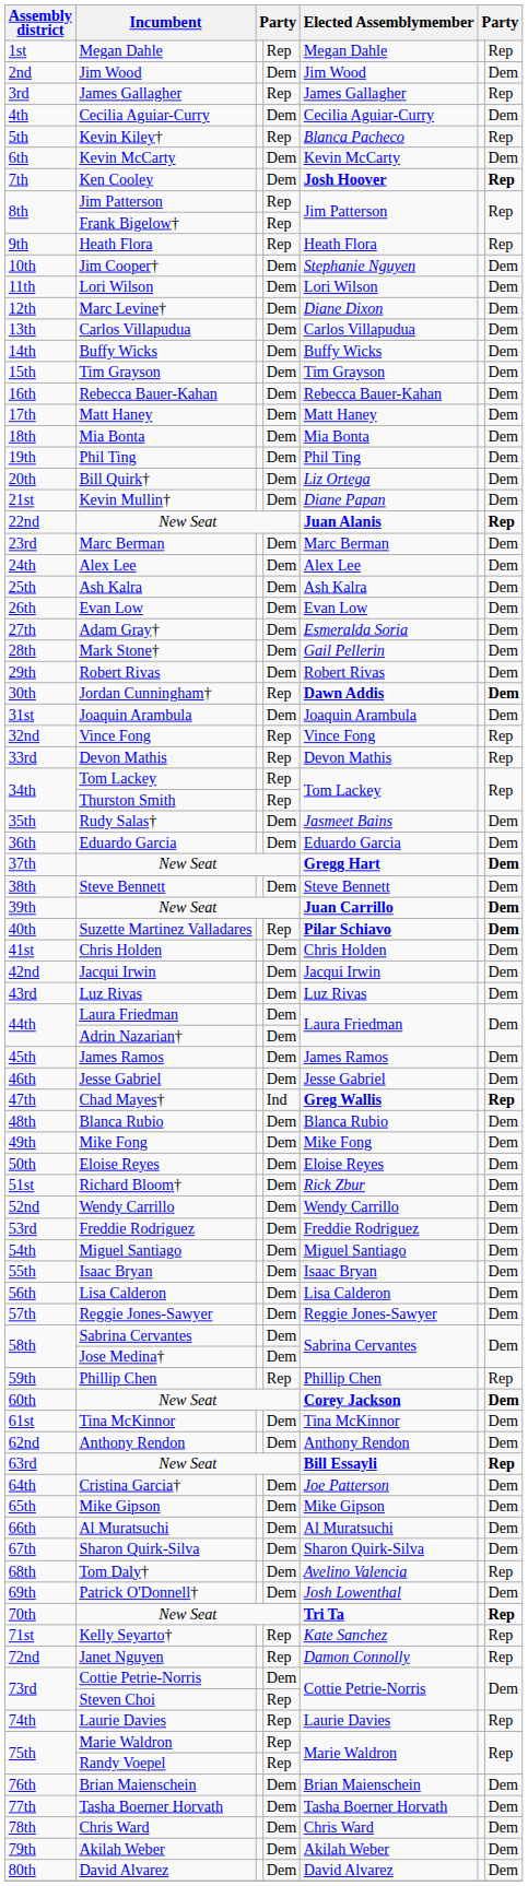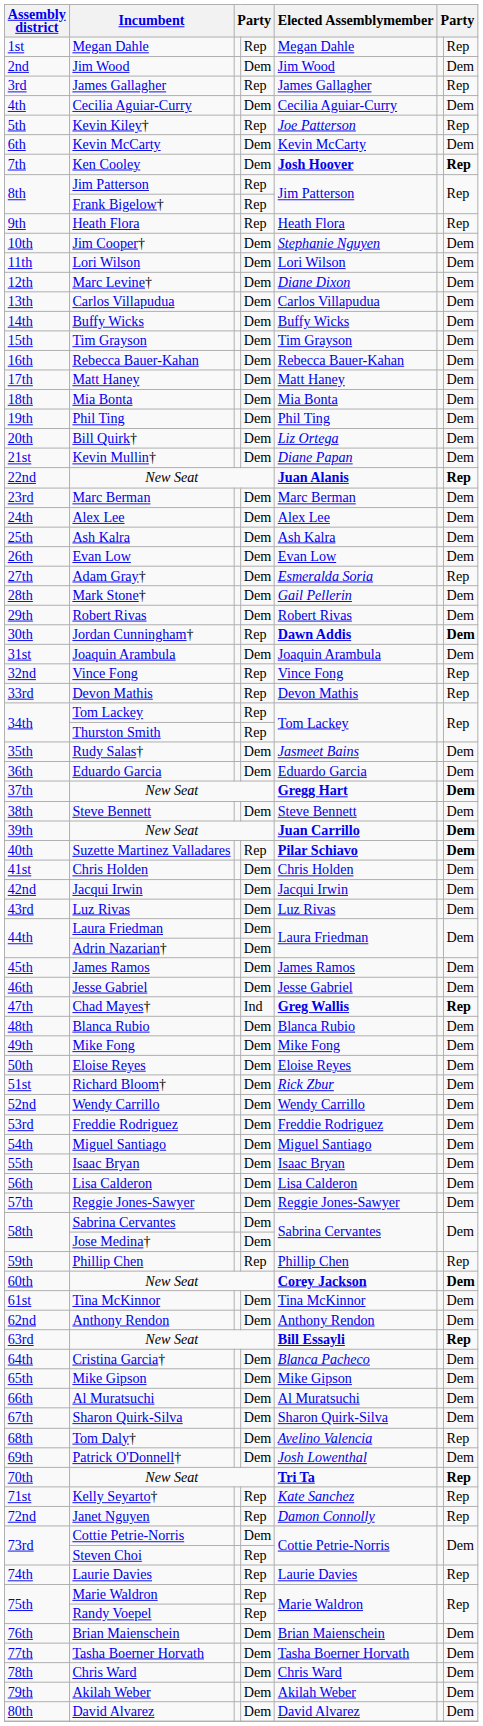 <table class="sortable wikitable" style="font-size:95%;line-height:14px;">
 <tr>
 <th colspan="1"><a href='#'>Assembly<br>district</a></th>
 <th class="unsortable"><a href='#'>Incumbent</a></th>
 <th colspan="2">Party</th>
 <th class="unsortable">Elected Assemblymember</th>
 <th colspan="2">Party</th>
 </tr>
 <tr>
 <td><a href='#'>1st</a></td>
 <td><a href='#'>Megan Dahle</a></td>
 <td style="background:"></td>
 <td>Rep</td>
 <td><a href='#'>Megan Dahle</a></td>
 <td style="background:"></td>
 <td>Rep</td>
 </tr>
 <tr>
 <td><a href='#'>2nd</a></td>
 <td><a href='#'>Jim Wood</a></td>
 <td style="background:"></td>
 <td>Dem</td>
 <td><a href='#'>Jim Wood</a></td>
 <td style="background:"></td>
 <td>Dem</td>
 </tr>
 <tr>
 <td><a href='#'>3rd</a></td>
 <td><a href='#'>James Gallagher</a></td>
 <td style="background:"></td>
 <td>Rep</td>
 <td><a href='#'>James Gallagher</a></td>
 <td style="background:"></td>
 <td>Rep</td>
 </tr>
 <tr>
 <td><a href='#'>4th</a></td>
 <td><a href='#'>Cecilia Aguiar-Curry</a></td>
 <td style="background:"></td>
 <td>Dem</td>
 <td><a href='#'>Cecilia Aguiar-Curry</a></td>
 <td style="background:"></td>
 <td>Dem</td>
 </tr>
 <tr>
 <td><a href='#'>5th</a></td>
 <td><a href='#'>Kevin Kiley</a>†</td>
 <td style="background:"></td>
 <td>Rep</td>
-<td><em><a href='#'>Blanca Pacheco</a></em></td>
+<td><em><a href='#'>Joe Patterson</a></em></td>
 <td style="background:"></td>
 <td>Rep</td>
 </tr>
 <tr>
 <td><a href='#'>6th</a></td>
 <td><a href='#'>Kevin McCarty</a></td>
 <td style="background:"></td>
 <td>Dem</td>
 <td><a href='#'>Kevin McCarty</a></td>
 <td style="background:"></td>
 <td>Dem</td>
 </tr>
 <tr>
 <td><a href='#'>7th</a></td>
 <td><a href='#'>Ken Cooley</a></td>
 <td style="background:"></td>
 <td>Dem</td>
 <td><strong><a href='#'>Josh Hoover</a></strong></td>
 <td style="background:"></td>
 <td><strong>Rep</strong></td>
 </tr>
 <tr>
 <td rowspan=2><a href='#'>8th</a></td>
 <td><a href='#'>Jim Patterson</a></td>
 <td style="background:"></td>
 <td>Rep</td>
 <td rowspan=2><a href='#'>Jim Patterson</a></td>
 <td rowspan=2 style="background:"></td>
 <td rowspan=2>Rep</td>
 </tr>
 <tr>
 <td><a href='#'>Frank Bigelow</a>†</td>
 <td style="background:"></td>
 <td>Rep</td>
 </tr>
 <tr>
 <td><a href='#'>9th</a></td>
 <td><a href='#'>Heath Flora</a></td>
 <td style="background:"></td>
 <td>Rep</td>
 <td><a href='#'>Heath Flora</a></td>
 <td style="background:"></td>
 <td>Rep</td>
 </tr>
 <tr>
 <td><a href='#'>10th</a></td>
 <td><a href='#'>Jim Cooper</a>†</td>
 <td style="background:"></td>
 <td>Dem</td>
 <td><em><a href='#'>Stephanie Nguyen</a></em></td>
 <td style="background:"></td>
 <td>Dem</td>
 </tr>
 <tr>
 <td><a href='#'>11th</a></td>
 <td><a href='#'>Lori Wilson</a></td>
 <td style="background:"></td>
 <td>Dem</td>
 <td><a href='#'>Lori Wilson</a></td>
 <td style="background:"></td>
 <td>Dem</td>
 </tr>
 <tr>
 <td><a href='#'>12th</a></td>
 <td><a href='#'>Marc Levine</a>†</td>
 <td style="background:"></td>
 <td>Dem</td>
 <td><em><a href='#'>Diane Dixon</a></em></td>
 <td style="background:"></td>
 <td>Dem</td>
 </tr>
 <tr>
 <td><a href='#'>13th</a></td>
 <td><a href='#'>Carlos Villapudua</a></td>
 <td style="background:"></td>
 <td>Dem</td>
 <td><a href='#'>Carlos Villapudua</a></td>
 <td style="background:"></td>
 <td>Dem</td>
 </tr>
 <tr>
 <td><a href='#'>14th</a></td>
 <td><a href='#'>Buffy Wicks</a></td>
 <td style="background:"></td>
 <td>Dem</td>
 <td><a href='#'>Buffy Wicks</a></td>
 <td style="background:"></td>
 <td>Dem</td>
 </tr>
 <tr>
 <td><a href='#'>15th</a></td>
 <td><a href='#'>Tim Grayson</a></td>
 <td style="background:"></td>
 <td>Dem</td>
 <td><a href='#'>Tim Grayson</a></td>
 <td style="background:"></td>
 <td>Dem</td>
 </tr>
 <tr>
 <td><a href='#'>16th</a></td>
 <td><a href='#'>Rebecca Bauer-Kahan</a></td>
 <td style="background:"></td>
 <td>Dem</td>
 <td><a href='#'>Rebecca Bauer-Kahan</a></td>
 <td style="background:"></td>
 <td>Dem</td>
 </tr>
 <tr>
 <td><a href='#'>17th</a></td>
 <td><a href='#'>Matt Haney</a></td>
 <td style="background:"></td>
 <td>Dem</td>
 <td><a href='#'>Matt Haney</a></td>
 <td style="background:"></td>
 <td>Dem</td>
 </tr>
 <tr>
 <td><a href='#'>18th</a></td>
 <td><a href='#'>Mia Bonta</a></td>
 <td style="background:"></td>
 <td>Dem</td>
 <td><a href='#'>Mia Bonta</a></td>
 <td style="background:"></td>
 <td>Dem</td>
 </tr>
 <tr>
 <td><a href='#'>19th</a></td>
 <td><a href='#'>Phil Ting</a></td>
 <td style="background:"></td>
 <td>Dem</td>
 <td><a href='#'>Phil Ting</a></td>
 <td style="background:"></td>
 <td>Dem</td>
 </tr>
 <tr>
 <td><a href='#'>20th</a></td>
 <td><a href='#'>Bill Quirk</a>†</td>
 <td style="background:"></td>
 <td>Dem</td>
 <td><em><a href='#'>Liz Ortega</a></em></td>
 <td style="background:"></td>
 <td>Dem</td>
 </tr>
 <tr>
 <td><a href='#'>21st</a></td>
 <td><a href='#'>Kevin Mullin</a>†</td>
 <td style="background:"></td>
 <td>Dem</td>
 <td><em><a href='#'>Diane Papan</a></em></td>
 <td style="background:"></td>
 <td>Dem</td>
 </tr>
 <tr>
 <td><a href='#'>22nd</a></td>
 <td colspan=3 align=center><em>New Seat</em></td>
 <td><strong><a href='#'>Juan Alanis</a></strong></td>
 <td style="background:"></td>
 <td><strong>Rep</strong></td>
 </tr>
 <tr>
 <td><a href='#'>23rd</a></td>
 <td><a href='#'>Marc Berman</a></td>
 <td style="background:"></td>
 <td>Dem</td>
 <td><a href='#'>Marc Berman</a></td>
 <td style="background:"></td>
 <td>Dem</td>
 </tr>
 <tr>
 <td><a href='#'>24th</a></td>
 <td><a href='#'>Alex Lee</a></td>
 <td style="background:"></td>
 <td>Dem</td>
 <td><a href='#'>Alex Lee</a></td>
 <td style="background:"></td>
 <td>Dem</td>
 </tr>
 <tr>
 <td><a href='#'>25th</a></td>
 <td><a href='#'>Ash Kalra</a></td>
 <td style="background:"></td>
 <td>Dem</td>
 <td><a href='#'>Ash Kalra</a></td>
 <td style="background:"></td>
 <td>Dem</td>
 </tr>
 <tr>
 <td><a href='#'>26th</a></td>
 <td><a href='#'>Evan Low</a></td>
 <td style="background:"></td>
 <td>Dem</td>
 <td><a href='#'>Evan Low</a></td>
 <td style="background:"></td>
 <td>Dem</td>
 </tr>
 <tr>
 <td><a href='#'>27th</a></td>
 <td><a href='#'>Adam Gray</a>†</td>
 <td style="background:"></td>
 <td>Dem</td>
 <td><em><a href='#'>Esmeralda Soria</a></em></td>
 <td style="background:"></td>
-<td>Dem</td>
+<td>Rep</td>
 </tr>
 <tr>
 <td><a href='#'>28th</a></td>
 <td><a href='#'>Mark Stone</a>†</td>
 <td style="background:"></td>
 <td>Dem</td>
 <td><em><a href='#'>Gail Pellerin</a></em></td>
 <td style="background:"></td>
 <td>Dem</td>
 </tr>
 <tr>
 <td><a href='#'>29th</a></td>
 <td><a href='#'>Robert Rivas</a></td>
 <td style="background:"></td>
 <td>Dem</td>
 <td><a href='#'>Robert Rivas</a></td>
 <td style="background:"></td>
 <td>Dem</td>
 </tr>
 <tr>
 <td><a href='#'>30th</a></td>
 <td><a href='#'>Jordan Cunningham</a>†</td>
 <td style="background:"></td>
 <td>Rep</td>
 <td><strong><a href='#'>Dawn Addis</a></strong></td>
 <td style="background:"></td>
 <td><strong>Dem</strong></td>
 </tr>
 <tr>
 <td><a href='#'>31st</a></td>
 <td><a href='#'>Joaquin Arambula</a></td>
 <td style="background:"></td>
 <td>Dem</td>
 <td><a href='#'>Joaquin Arambula</a></td>
 <td style="background:"></td>
 <td>Dem</td>
 </tr>
 <tr>
 <td><a href='#'>32nd</a></td>
 <td><a href='#'>Vince Fong</a></td>
 <td style="background:"></td>
 <td>Rep</td>
 <td><a href='#'>Vince Fong</a></td>
 <td style="background:"></td>
 <td>Rep</td>
 </tr>
 <tr>
 <td><a href='#'>33rd</a></td>
 <td><a href='#'>Devon Mathis</a></td>
 <td style="background:"></td>
 <td>Rep</td>
 <td><a href='#'>Devon Mathis</a></td>
 <td style="background:"></td>
 <td>Rep</td>
 </tr>
 <tr>
 <td rowspan=2><a href='#'>34th</a></td>
 <td><a href='#'>Tom Lackey</a></td>
 <td style="background:"></td>
 <td>Rep</td>
 <td rowspan=2><a href='#'>Tom Lackey</a></td>
 <td rowspan=2 style="background:"></td>
 <td rowspan=2>Rep</td>
 </tr>
 <tr>
 <td><a href='#'>Thurston Smith</a></td>
 <td style="background:"></td>
 <td>Rep</td>
 </tr>
 <tr>
 <td><a href='#'>35th</a></td>
 <td><a href='#'>Rudy Salas</a>†</td>
 <td style="background:"></td>
 <td>Dem</td>
 <td><em><a href='#'>Jasmeet Bains</a></em></td>
 <td style="background:"></td>
 <td>Dem</td>
 </tr>
 <tr>
 <td><a href='#'>36th</a></td>
 <td><a href='#'>Eduardo Garcia</a></td>
 <td style="background:"></td>
 <td>Dem</td>
 <td><a href='#'>Eduardo Garcia</a></td>
 <td style="background:"></td>
 <td>Dem</td>
 </tr>
 <tr>
 <td><a href='#'>37th</a></td>
 <td colspan=3 align=center><em>New Seat</em></td>
 <td><strong><a href='#'>Gregg Hart</a></strong></td>
 <td style="background:"></td>
 <td><strong>Dem</strong></td>
 </tr>
 <tr>
 <td><a href='#'>38th</a></td>
 <td><a href='#'>Steve Bennett</a></td>
 <td style="background:"></td>
 <td>Dem</td>
 <td><a href='#'>Steve Bennett</a></td>
 <td style="background:"></td>
 <td>Dem</td>
 </tr>
 <tr>
 <td><a href='#'>39th</a></td>
 <td colspan=3 align=center><em>New Seat</em></td>
 <td><strong><a href='#'>Juan Carrillo</a></strong></td>
 <td style="background:"></td>
 <td><strong>Dem</strong></td>
 </tr>
 <tr>
 <td><a href='#'>40th</a></td>
 <td><a href='#'>Suzette Martinez Valladares</a></td>
 <td style="background:"></td>
 <td>Rep</td>
 <td><strong><a href='#'>Pilar Schiavo</a></strong></td>
 <td style="background:"></td>
 <td><strong>Dem</strong></td>
 </tr>
 <tr>
 <td><a href='#'>41st</a></td>
 <td><a href='#'>Chris Holden</a></td>
 <td style="background:"></td>
 <td>Dem</td>
 <td><a href='#'>Chris Holden</a></td>
 <td style="background:"></td>
 <td>Dem</td>
 </tr>
 <tr>
 <td><a href='#'>42nd</a></td>
 <td><a href='#'>Jacqui Irwin</a></td>
 <td style="background:"></td>
 <td>Dem</td>
 <td><a href='#'>Jacqui Irwin</a></td>
 <td style="background:"></td>
 <td>Dem</td>
 </tr>
 <tr>
 <td><a href='#'>43rd</a></td>
 <td><a href='#'>Luz Rivas</a></td>
 <td style="background:"></td>
 <td>Dem</td>
 <td><a href='#'>Luz Rivas</a></td>
 <td style="background:"></td>
 <td>Dem</td>
 </tr>
 <tr>
 <td rowspan=2><a href='#'>44th</a></td>
 <td><a href='#'>Laura Friedman</a></td>
 <td style="background:"></td>
 <td>Dem</td>
 <td rowspan=2><a href='#'>Laura Friedman</a></td>
 <td rowspan=2 style="background:"></td>
 <td rowspan=2>Dem</td>
 </tr>
 <tr>
 <td><a href='#'>Adrin Nazarian</a>†</td>
 <td style="background:"></td>
 <td>Dem</td>
 </tr>
 <tr>
 <td><a href='#'>45th</a></td>
 <td><a href='#'>James Ramos</a></td>
 <td style="background:"></td>
 <td>Dem</td>
 <td><a href='#'>James Ramos</a></td>
 <td style="background:"></td>
 <td>Dem</td>
 </tr>
 <tr>
 <td><a href='#'>46th</a></td>
 <td><a href='#'>Jesse Gabriel</a></td>
 <td style="background:"></td>
 <td>Dem</td>
 <td><a href='#'>Jesse Gabriel</a></td>
 <td style="background:"></td>
 <td>Dem</td>
 </tr>
 <tr>
 <td><a href='#'>47th</a></td>
 <td><a href='#'>Chad Mayes</a>†</td>
 <td style="background:"></td>
 <td>Ind</td>
 <td><strong><a href='#'>Greg Wallis</a></strong></td>
 <td style="background:"></td>
 <td><strong>Rep</strong></td>
 </tr>
 <tr>
 <td><a href='#'>48th</a></td>
 <td><a href='#'>Blanca Rubio</a></td>
 <td style="background:"></td>
 <td>Dem</td>
 <td><a href='#'>Blanca Rubio</a></td>
 <td style="background:"></td>
 <td>Dem</td>
 </tr>
 <tr>
 <td><a href='#'>49th</a></td>
 <td><a href='#'>Mike Fong</a></td>
 <td style="background:"></td>
 <td>Dem</td>
 <td><a href='#'>Mike Fong</a></td>
 <td style="background:"></td>
 <td>Dem</td>
 </tr>
 <tr>
 <td><a href='#'>50th</a></td>
 <td><a href='#'>Eloise Reyes</a></td>
 <td style="background:"></td>
 <td>Dem</td>
 <td><a href='#'>Eloise Reyes</a></td>
 <td style="background:"></td>
 <td>Dem</td>
 </tr>
 <tr>
 <td><a href='#'>51st</a></td>
 <td><a href='#'>Richard Bloom</a>†</td>
 <td style="background:"></td>
 <td>Dem</td>
 <td><em><a href='#'>Rick Zbur</a></em></td>
 <td style="background:"></td>
 <td>Dem</td>
 </tr>
 <tr>
 <td><a href='#'>52nd</a></td>
 <td><a href='#'>Wendy Carrillo</a></td>
 <td style="background:"></td>
 <td>Dem</td>
 <td><a href='#'>Wendy Carrillo</a></td>
 <td style="background:"></td>
 <td>Dem</td>
 </tr>
 <tr>
 <td><a href='#'>53rd</a></td>
 <td><a href='#'>Freddie Rodriguez</a></td>
 <td style="background:"></td>
 <td>Dem</td>
 <td><a href='#'>Freddie Rodriguez</a></td>
 <td style="background:"></td>
 <td>Dem</td>
 </tr>
 <tr>
 <td><a href='#'>54th</a></td>
 <td><a href='#'>Miguel Santiago</a></td>
 <td style="background:"></td>
 <td>Dem</td>
 <td><a href='#'>Miguel Santiago</a></td>
 <td style="background:"></td>
 <td>Dem</td>
 </tr>
 <tr>
 <td><a href='#'>55th</a></td>
 <td><a href='#'>Isaac Bryan</a></td>
 <td style="background:"></td>
 <td>Dem</td>
 <td><a href='#'>Isaac Bryan</a></td>
 <td style="background:"></td>
 <td>Dem</td>
 </tr>
 <tr>
 <td><a href='#'>56th</a></td>
 <td><a href='#'>Lisa Calderon</a></td>
 <td style="background:"></td>
 <td>Dem</td>
 <td><a href='#'>Lisa Calderon</a></td>
 <td style="background:"></td>
 <td>Dem</td>
 </tr>
 <tr>
 <td><a href='#'>57th</a></td>
 <td><a href='#'>Reggie Jones-Sawyer</a></td>
 <td style="background:"></td>
 <td>Dem</td>
 <td><a href='#'>Reggie Jones-Sawyer</a></td>
 <td style="background:"></td>
 <td>Dem</td>
 </tr>
 <tr>
 <td rowspan=2><a href='#'>58th</a></td>
 <td><a href='#'>Sabrina Cervantes</a></td>
 <td style="background:"></td>
 <td>Dem</td>
 <td rowspan=2><a href='#'>Sabrina Cervantes</a></td>
 <td rowspan=2 style="background:"></td>
 <td rowspan=2>Dem</td>
 </tr>
 <tr>
 <td><a href='#'>Jose Medina</a>†</td>
 <td style="background:"></td>
 <td>Dem</td>
 </tr>
 <tr>
 <td><a href='#'>59th</a></td>
 <td><a href='#'>Phillip Chen</a></td>
 <td style="background:"></td>
 <td>Rep</td>
 <td><a href='#'>Phillip Chen</a></td>
 <td style="background:"></td>
 <td>Rep</td>
 </tr>
 <tr>
 <td><a href='#'>60th</a></td>
 <td colspan=3 align=center><em>New Seat</em></td>
 <td><strong><a href='#'>Corey Jackson</a></strong></td>
 <td style="background:"></td>
 <td><strong>Dem</strong></td>
 </tr>
 <tr>
 <td><a href='#'>61st</a></td>
 <td><a href='#'>Tina McKinnor</a></td>
 <td style="background:"></td>
 <td>Dem</td>
 <td><a href='#'>Tina McKinnor</a></td>
 <td style="background:"></td>
 <td>Dem</td>
 </tr>
 <tr>
 <td><a href='#'>62nd</a></td>
 <td><a href='#'>Anthony Rendon</a></td>
 <td style="background:"></td>
 <td>Dem</td>
 <td><a href='#'>Anthony Rendon</a></td>
 <td style="background:"></td>
 <td>Dem</td>
 </tr>
 <tr>
 <td><a href='#'>63rd</a></td>
 <td colspan=3 align=center><em>New Seat</em></td>
 <td><strong><a href='#'>Bill Essayli</a></strong></td>
 <td style="background:"></td>
 <td><strong>Rep</strong></td>
 </tr>
 <tr>
 <td><a href='#'>64th</a></td>
 <td><a href='#'>Cristina Garcia</a>†</td>
 <td style="background:"></td>
 <td>Dem</td>
-<td><em><a href='#'>Joe Patterson</a></em></td>
+<td><em><a href='#'>Blanca Pacheco</a></em></td>
 <td style="background:"></td>
 <td>Dem</td>
 </tr>
 <tr>
 <td><a href='#'>65th</a></td>
 <td><a href='#'>Mike Gipson</a></td>
 <td style="background:"></td>
 <td>Dem</td>
 <td><a href='#'>Mike Gipson</a></td>
 <td style="background:"></td>
 <td>Dem</td>
 </tr>
 <tr>
 <td><a href='#'>66th</a></td>
 <td><a href='#'>Al Muratsuchi</a></td>
 <td style="background:"></td>
 <td>Dem</td>
 <td><a href='#'>Al Muratsuchi</a></td>
 <td style="background:"></td>
 <td>Dem</td>
 </tr>
 <tr>
 <td><a href='#'>67th</a></td>
 <td><a href='#'>Sharon Quirk-Silva</a></td>
 <td style="background:"></td>
 <td>Dem</td>
 <td><a href='#'>Sharon Quirk-Silva</a></td>
 <td style="background:"></td>
 <td>Dem</td>
 </tr>
 <tr>
 <td><a href='#'>68th</a></td>
 <td><a href='#'>Tom Daly</a>†</td>
 <td style="background:"></td>
 <td>Dem</td>
 <td><em><a href='#'>Avelino Valencia</a></em></td>
 <td style="background:"></td>
 <td>Rep</td>
 </tr>
 <tr>
 <td><a href='#'>69th</a></td>
 <td><a href='#'>Patrick O'Donnell</a>†</td>
 <td style="background:"></td>
 <td>Dem</td>
 <td><em><a href='#'>Josh Lowenthal</a></em></td>
 <td style="background:"></td>
 <td>Dem</td>
 </tr>
 <tr>
 <td><a href='#'>70th</a></td>
 <td colspan=3 align=center><em>New Seat</em></td>
 <td><strong><a href='#'>Tri Ta</a></strong></td>
 <td style="background:"></td>
 <td><strong>Rep</strong></td>
 </tr>
 <tr>
 <td><a href='#'>71st</a></td>
 <td><a href='#'>Kelly Seyarto</a>†</td>
 <td style="background:"></td>
 <td>Rep</td>
 <td><em><a href='#'>Kate Sanchez</a></em></td>
 <td style="background:"></td>
 <td>Rep</td>
 </tr>
 <tr>
 <td><a href='#'>72nd</a></td>
 <td><a href='#'>Janet Nguyen</a></td>
 <td style="background:"></td>
 <td>Rep</td>
 <td><em><a href='#'>Damon Connolly</a></em></td>
 <td style="background:"></td>
 <td>Rep</td>
 </tr>
 <tr>
 <td rowspan=2><a href='#'>73rd</a></td>
 <td><a href='#'>Cottie Petrie-Norris</a></td>
 <td style="background:"></td>
 <td>Dem</td>
 <td rowspan=2><a href='#'>Cottie Petrie-Norris</a></td>
 <td rowspan=2 style="background:"></td>
 <td rowspan=2>Dem</td>
 </tr>
 <tr>
 <td><a href='#'>Steven Choi</a></td>
 <td style="background:"></td>
 <td>Rep</td>
 </tr>
 <tr>
 <td><a href='#'>74th</a></td>
 <td><a href='#'>Laurie Davies</a></td>
 <td style="background:"></td>
 <td>Rep</td>
 <td><a href='#'>Laurie Davies</a></td>
 <td style="background:"></td>
 <td>Rep</td>
 </tr>
 <tr>
 <td rowspan=2><a href='#'>75th</a></td>
 <td><a href='#'>Marie Waldron</a></td>
 <td style="background:"></td>
 <td>Rep</td>
 <td rowspan=2><a href='#'>Marie Waldron</a></td>
 <td rowspan=2 style="background:"></td>
 <td rowspan=2>Rep</td>
 </tr>
 <tr>
 <td><a href='#'>Randy Voepel</a></td>
 <td style="background:"></td>
 <td>Rep</td>
 </tr>
 <tr>
 <td><a href='#'>76th</a></td>
 <td><a href='#'>Brian Maienschein</a></td>
 <td style="background:"></td>
 <td>Dem</td>
 <td><a href='#'>Brian Maienschein</a></td>
 <td style="background:"></td>
 <td>Dem</td>
 </tr>
 <tr>
 <td><a href='#'>77th</a></td>
 <td><a href='#'>Tasha Boerner Horvath</a></td>
 <td style="background:"></td>
 <td>Dem</td>
 <td><a href='#'>Tasha Boerner Horvath</a></td>
 <td style="background:"></td>
 <td>Dem</td>
 </tr>
 <tr>
 <td><a href='#'>78th</a></td>
 <td><a href='#'>Chris Ward</a></td>
 <td style="background:"></td>
 <td>Dem</td>
 <td><a href='#'>Chris Ward</a></td>
 <td style="background:"></td>
 <td>Dem</td>
 </tr>
 <tr>
 <td><a href='#'>79th</a></td>
 <td><a href='#'>Akilah Weber</a></td>
 <td style="background:"></td>
 <td>Dem</td>
 <td><a href='#'>Akilah Weber</a></td>
 <td style="background:"></td>
 <td>Dem</td>
 </tr>
 <tr>
 <td><a href='#'>80th</a></td>
 <td><a href='#'>David Alvarez</a></td>
 <td style="background:"></td>
 <td>Dem</td>
 <td><a href='#'>David Alvarez</a></td>
 <td style="background:"></td>
 <td>Dem</td>
 </tr>
 <tr>
 </tr>
 </table>
